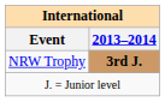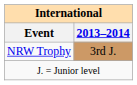 <table class="wikitable" style="text-align:center">
 <tr>
 <th style="background-color: #ffdead; " colspan=2 align=center><strong>International</strong></th>
 </tr>
 <tr>
 <th>Event</th>
 <th><a href='#'>2013–2014</a></th>
 </tr>
 <tr>
 <td align=left><a href='#'>NRW Trophy</a></td>
-<td bgcolor=cc9966><strong>3rd J.</strong></td>
+<td bgcolor=cc9966>3rd J.</td>
 </tr>
 <tr>
 <td colspan=2 align=center><small> J. = Junior level </small></td>
 </tr>
 </table>
